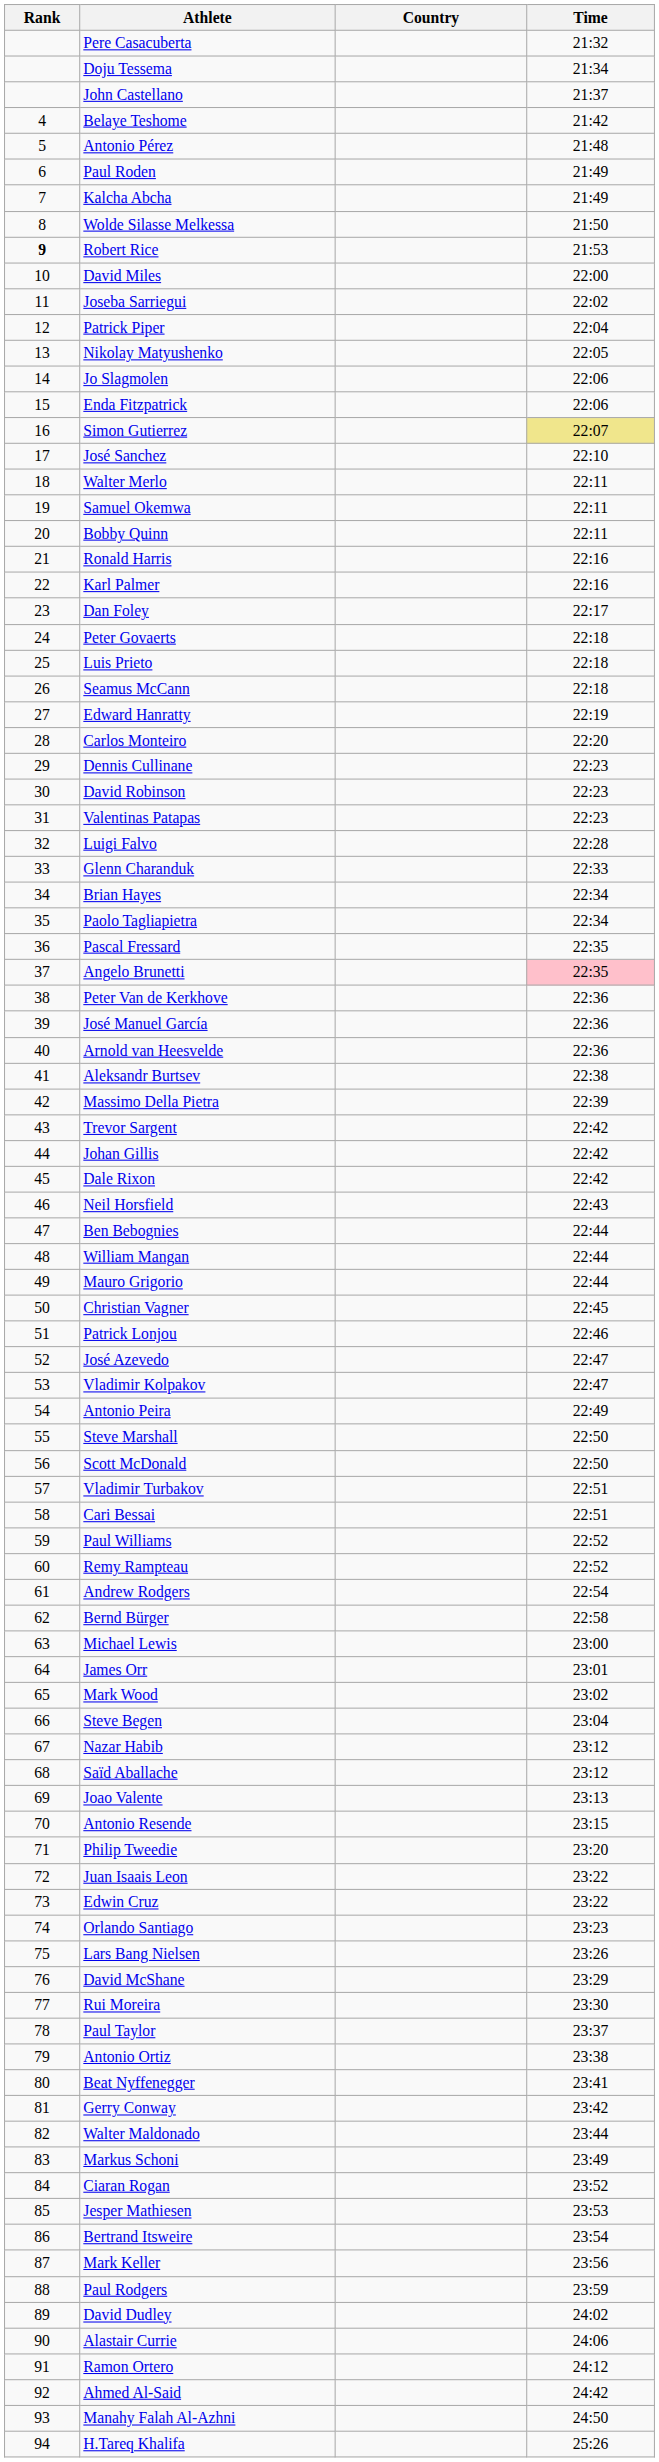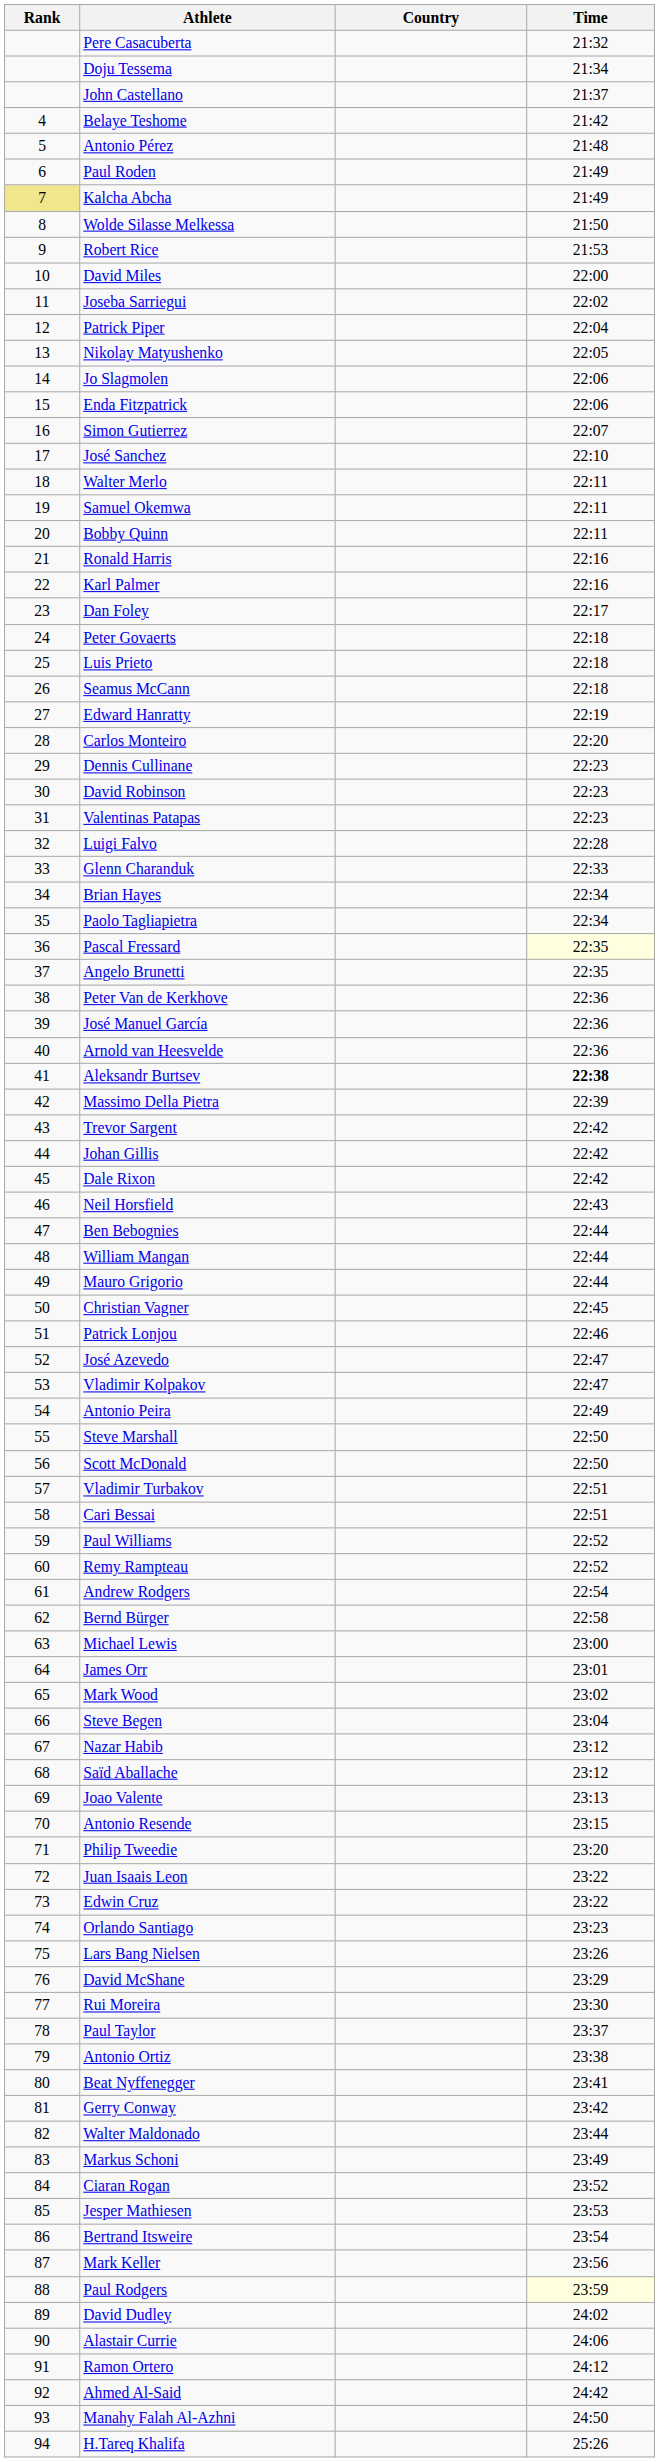 <table class="wikitable sortable" style=" text-align:center; font-size:95%;" width="50%">
 <tr>
 <th width=5%>Rank</th>
 <th width=20%>Athlete</th>
 <th width=15%>Country</th>
 <th width=10%>Time</th>
 </tr>
 <tr>
 <td align=center></td>
 <td align=left><a href='#'>Pere Casacuberta</a></td>
 <td align=left></td>
 <td>21:32</td>
 </tr>
 <tr>
 <td align=center></td>
 <td align=left><a href='#'>Doju Tessema</a></td>
 <td align=left></td>
 <td>21:34</td>
 </tr>
 <tr>
 <td align=center></td>
 <td align=left><a href='#'>John Castellano</a></td>
 <td align=left></td>
 <td>21:37</td>
 </tr>
 <tr>
 <td align=center>4</td>
 <td align=left><a href='#'>Belaye Teshome</a></td>
 <td align=left></td>
 <td>21:42</td>
 </tr>
 <tr>
 <td align=center>5</td>
 <td align=left><a href='#'>Antonio Pérez</a></td>
 <td align=left></td>
 <td>21:48</td>
 </tr>
 <tr>
 <td align=center>6</td>
 <td align=left><a href='#'>Paul Roden</a></td>
 <td align=left></td>
 <td>21:49</td>
 </tr>
 <tr>
-<td align=center>7</td>
+<td align=center style="background: khaki;">7</td>
 <td align=left><a href='#'>Kalcha Abcha</a></td>
 <td align=left></td>
 <td>21:49</td>
 </tr>
 <tr>
 <td align=center>8</td>
 <td align=left><a href='#'>Wolde Silasse Melkessa</a></td>
 <td align=left></td>
 <td>21:50</td>
 </tr>
 <tr>
-<td align=center><strong>9</strong></td>
+<td align=center>9</td>
 <td align=left><a href='#'>Robert Rice</a></td>
 <td align=left></td>
 <td>21:53</td>
 </tr>
 <tr>
 <td align=center>10</td>
 <td align=left><a href='#'>David Miles</a></td>
 <td align=left></td>
 <td>22:00</td>
 </tr>
 <tr>
 <td align=center>11</td>
 <td align=left><a href='#'>Joseba Sarriegui</a></td>
 <td align=left></td>
 <td>22:02</td>
 </tr>
 <tr>
 <td align=center>12</td>
 <td align=left><a href='#'>Patrick Piper</a></td>
 <td align=left></td>
 <td>22:04</td>
 </tr>
 <tr>
 <td align=center>13</td>
 <td align=left><a href='#'>Nikolay Matyushenko</a></td>
 <td align=left></td>
 <td>22:05</td>
 </tr>
 <tr>
 <td align=center>14</td>
 <td align=left><a href='#'>Jo Slagmolen</a></td>
 <td align=left></td>
 <td>22:06</td>
 </tr>
 <tr>
 <td align=center>15</td>
 <td align=left><a href='#'>Enda Fitzpatrick</a></td>
 <td align=left></td>
 <td>22:06</td>
 </tr>
 <tr>
 <td align=center>16</td>
 <td align=left><a href='#'>Simon Gutierrez</a></td>
 <td align=left></td>
-<td style="background: khaki;">22:07</td>
+<td>22:07</td>
 </tr>
 <tr>
 <td align=center>17</td>
 <td align=left><a href='#'>José Sanchez</a></td>
 <td align=left></td>
 <td>22:10</td>
 </tr>
 <tr>
 <td align=center>18</td>
 <td align=left><a href='#'>Walter Merlo</a></td>
 <td align=left></td>
 <td>22:11</td>
 </tr>
 <tr>
 <td align=center>19</td>
 <td align=left><a href='#'>Samuel Okemwa</a></td>
 <td align=left></td>
 <td>22:11</td>
 </tr>
 <tr>
 <td align=center>20</td>
 <td align=left><a href='#'>Bobby Quinn</a></td>
 <td align=left></td>
 <td>22:11</td>
 </tr>
 <tr>
 <td align=center>21</td>
 <td align=left><a href='#'>Ronald Harris</a></td>
 <td align=left></td>
 <td>22:16</td>
 </tr>
 <tr>
 <td align=center>22</td>
 <td align=left><a href='#'>Karl Palmer</a></td>
 <td align=left></td>
 <td>22:16</td>
 </tr>
 <tr>
 <td align=center>23</td>
 <td align=left><a href='#'>Dan Foley</a></td>
 <td align=left></td>
 <td>22:17</td>
 </tr>
 <tr>
 <td align=center>24</td>
 <td align=left><a href='#'>Peter Govaerts</a></td>
 <td align=left></td>
 <td>22:18</td>
 </tr>
 <tr>
 <td align=center>25</td>
 <td align=left><a href='#'>Luis Prieto</a></td>
 <td align=left></td>
 <td>22:18</td>
 </tr>
 <tr>
 <td align=center>26</td>
 <td align=left><a href='#'>Seamus McCann</a></td>
 <td align=left></td>
 <td>22:18</td>
 </tr>
 <tr>
 <td align=center>27</td>
 <td align=left><a href='#'>Edward Hanratty</a></td>
 <td align=left></td>
 <td>22:19</td>
 </tr>
 <tr>
 <td align=center>28</td>
 <td align=left><a href='#'>Carlos Monteiro</a></td>
 <td align=left></td>
 <td>22:20</td>
 </tr>
 <tr>
 <td align=center>29</td>
 <td align=left><a href='#'>Dennis Cullinane</a></td>
 <td align=left></td>
 <td>22:23</td>
 </tr>
 <tr>
 <td align=center>30</td>
 <td align=left><a href='#'>David Robinson</a></td>
 <td align=left></td>
 <td>22:23</td>
 </tr>
 <tr>
 <td align=center>31</td>
 <td align=left><a href='#'>Valentinas Patapas</a></td>
 <td align=left></td>
 <td>22:23</td>
 </tr>
 <tr>
 <td align=center>32</td>
 <td align=left><a href='#'>Luigi Falvo</a></td>
 <td align=left></td>
 <td>22:28</td>
 </tr>
 <tr>
 <td align=center>33</td>
 <td align=left><a href='#'>Glenn Charanduk</a></td>
 <td align=left></td>
 <td>22:33</td>
 </tr>
 <tr>
 <td align=center>34</td>
 <td align=left><a href='#'>Brian Hayes</a></td>
 <td align=left></td>
 <td>22:34</td>
 </tr>
 <tr>
 <td align=center>35</td>
 <td align=left><a href='#'>Paolo Tagliapietra</a></td>
 <td align=left></td>
 <td>22:34</td>
 </tr>
 <tr>
 <td align=center>36</td>
 <td align=left><a href='#'>Pascal Fressard</a></td>
 <td align=left></td>
-<td>22:35</td>
+<td style="background: lightyellow;">22:35</td>
 </tr>
 <tr>
 <td align=center>37</td>
 <td align=left><a href='#'>Angelo Brunetti</a></td>
 <td align=left></td>
-<td style="background: pink;">22:35</td>
+<td>22:35</td>
 </tr>
 <tr>
 <td align=center>38</td>
 <td align=left><a href='#'>Peter Van de Kerkhove</a></td>
 <td align=left></td>
 <td>22:36</td>
 </tr>
 <tr>
 <td align=center>39</td>
 <td align=left><a href='#'>José Manuel García</a></td>
 <td align=left></td>
 <td>22:36</td>
 </tr>
 <tr>
 <td align=center>40</td>
 <td align=left><a href='#'>Arnold van Heesvelde</a></td>
 <td align=left></td>
 <td>22:36</td>
 </tr>
 <tr>
 <td align=center>41</td>
 <td align=left><a href='#'>Aleksandr Burtsev</a></td>
 <td align=left></td>
-<td>22:38</td>
+<td><strong>22:38</strong></td>
 </tr>
 <tr>
 <td align=center>42</td>
 <td align=left><a href='#'>Massimo Della Pietra</a></td>
 <td align=left></td>
 <td>22:39</td>
 </tr>
 <tr>
 <td align=center>43</td>
 <td align=left><a href='#'>Trevor Sargent</a></td>
 <td align=left></td>
 <td>22:42</td>
 </tr>
 <tr>
 <td align=center>44</td>
 <td align=left><a href='#'>Johan Gillis</a></td>
 <td align=left></td>
 <td>22:42</td>
 </tr>
 <tr>
 <td align=center>45</td>
 <td align=left><a href='#'>Dale Rixon</a></td>
 <td align=left></td>
 <td>22:42</td>
 </tr>
 <tr>
 <td align=center>46</td>
 <td align=left><a href='#'>Neil Horsfield</a></td>
 <td align=left></td>
 <td>22:43</td>
 </tr>
 <tr>
 <td align=center>47</td>
 <td align=left><a href='#'>Ben Bebognies</a></td>
 <td align=left></td>
 <td>22:44</td>
 </tr>
 <tr>
 <td align=center>48</td>
 <td align=left><a href='#'>William Mangan</a></td>
 <td align=left></td>
 <td>22:44</td>
 </tr>
 <tr>
 <td align=center>49</td>
 <td align=left><a href='#'>Mauro Grigorio</a></td>
 <td align=left></td>
 <td>22:44</td>
 </tr>
 <tr>
 <td align=center>50</td>
 <td align=left><a href='#'>Christian Vagner</a></td>
 <td align=left></td>
 <td>22:45</td>
 </tr>
 <tr>
 <td align=center>51</td>
 <td align=left><a href='#'>Patrick Lonjou</a></td>
 <td align=left></td>
 <td>22:46</td>
 </tr>
 <tr>
 <td align=center>52</td>
 <td align=left><a href='#'>José Azevedo</a></td>
 <td align=left></td>
 <td>22:47</td>
 </tr>
 <tr>
 <td align=center>53</td>
 <td align=left><a href='#'>Vladimir Kolpakov</a></td>
 <td align=left></td>
 <td>22:47</td>
 </tr>
 <tr>
 <td align=center>54</td>
 <td align=left><a href='#'>Antonio Peira</a></td>
 <td align=left></td>
 <td>22:49</td>
 </tr>
 <tr>
 <td align=center>55</td>
 <td align=left><a href='#'>Steve Marshall</a></td>
 <td align=left></td>
 <td>22:50</td>
 </tr>
 <tr>
 <td align=center>56</td>
 <td align=left><a href='#'>Scott McDonald</a></td>
 <td align=left></td>
 <td>22:50</td>
 </tr>
 <tr>
 <td align=center>57</td>
 <td align=left><a href='#'>Vladimir Turbakov</a></td>
 <td align=left></td>
 <td>22:51</td>
 </tr>
 <tr>
 <td align=center>58</td>
 <td align=left><a href='#'>Cari Bessai</a></td>
 <td align=left></td>
 <td>22:51</td>
 </tr>
 <tr>
 <td align=center>59</td>
 <td align=left><a href='#'>Paul Williams</a></td>
 <td align=left></td>
 <td>22:52</td>
 </tr>
 <tr>
 <td align=center>60</td>
 <td align=left><a href='#'>Remy Rampteau</a></td>
 <td align=left></td>
 <td>22:52</td>
 </tr>
 <tr>
 <td align=center>61</td>
 <td align=left><a href='#'>Andrew Rodgers</a></td>
 <td align=left></td>
 <td>22:54</td>
 </tr>
 <tr>
 <td align=center>62</td>
 <td align=left><a href='#'>Bernd Bürger</a></td>
 <td align=left></td>
 <td>22:58</td>
 </tr>
 <tr>
 <td align=center>63</td>
 <td align=left><a href='#'>Michael Lewis</a></td>
 <td align=left></td>
 <td>23:00</td>
 </tr>
 <tr>
 <td align=center>64</td>
 <td align=left><a href='#'>James Orr</a></td>
 <td align=left></td>
 <td>23:01</td>
 </tr>
 <tr>
 <td align=center>65</td>
 <td align=left><a href='#'>Mark Wood</a></td>
 <td align=left></td>
 <td>23:02</td>
 </tr>
 <tr>
 <td align=center>66</td>
 <td align=left><a href='#'>Steve Begen</a></td>
 <td align=left></td>
 <td>23:04</td>
 </tr>
 <tr>
 <td align=center>67</td>
 <td align=left><a href='#'>Nazar Habib</a></td>
 <td align=left></td>
 <td>23:12</td>
 </tr>
 <tr>
 <td align=center>68</td>
 <td align=left><a href='#'>Saïd Aballache</a></td>
 <td align=left></td>
 <td>23:12</td>
 </tr>
 <tr>
 <td align=center>69</td>
 <td align=left><a href='#'>Joao Valente</a></td>
 <td align=left></td>
 <td>23:13</td>
 </tr>
 <tr>
 <td align=center>70</td>
 <td align=left><a href='#'>Antonio Resende</a></td>
 <td align=left></td>
 <td>23:15</td>
 </tr>
 <tr>
 <td align=center>71</td>
 <td align=left><a href='#'>Philip Tweedie</a></td>
 <td align=left></td>
 <td>23:20</td>
 </tr>
 <tr>
 <td align=center>72</td>
 <td align=left><a href='#'>Juan Isaais Leon</a></td>
 <td align=left></td>
 <td>23:22</td>
 </tr>
 <tr>
 <td align=center>73</td>
 <td align=left><a href='#'>Edwin Cruz</a></td>
 <td align=left></td>
 <td>23:22</td>
 </tr>
 <tr>
 <td align=center>74</td>
 <td align=left><a href='#'>Orlando Santiago</a></td>
 <td align=left></td>
 <td>23:23</td>
 </tr>
 <tr>
 <td align=center>75</td>
 <td align=left><a href='#'>Lars Bang Nielsen</a></td>
 <td align=left></td>
 <td>23:26</td>
 </tr>
 <tr>
 <td align=center>76</td>
 <td align=left><a href='#'>David McShane</a></td>
 <td align=left></td>
 <td>23:29</td>
 </tr>
 <tr>
 <td align=center>77</td>
 <td align=left><a href='#'>Rui Moreira</a></td>
 <td align=left></td>
 <td>23:30</td>
 </tr>
 <tr>
 <td align=center>78</td>
 <td align=left><a href='#'>Paul Taylor</a></td>
 <td align=left></td>
 <td>23:37</td>
 </tr>
 <tr>
 <td align=center>79</td>
 <td align=left><a href='#'>Antonio Ortiz</a></td>
 <td align=left></td>
 <td>23:38</td>
 </tr>
 <tr>
 <td align=center>80</td>
 <td align=left><a href='#'>Beat Nyffenegger</a></td>
 <td align=left></td>
 <td>23:41</td>
 </tr>
 <tr>
 <td align=center>81</td>
 <td align=left><a href='#'>Gerry Conway</a></td>
 <td align=left></td>
 <td>23:42</td>
 </tr>
 <tr>
 <td align=center>82</td>
 <td align=left><a href='#'>Walter Maldonado</a></td>
 <td align=left></td>
 <td>23:44</td>
 </tr>
 <tr>
 <td align=center>83</td>
 <td align=left><a href='#'>Markus Schoni</a></td>
 <td align=left></td>
 <td>23:49</td>
 </tr>
 <tr>
 <td align=center>84</td>
 <td align=left><a href='#'>Ciaran Rogan</a></td>
 <td align=left></td>
 <td>23:52</td>
 </tr>
 <tr>
 <td align=center>85</td>
 <td align=left><a href='#'>Jesper Mathiesen</a></td>
 <td align=left></td>
 <td>23:53</td>
 </tr>
 <tr>
 <td align=center>86</td>
 <td align=left><a href='#'>Bertrand Itsweire</a></td>
 <td align=left></td>
 <td>23:54</td>
 </tr>
 <tr>
 <td align=center>87</td>
 <td align=left><a href='#'>Mark Keller</a></td>
 <td align=left></td>
 <td>23:56</td>
 </tr>
 <tr>
 <td align=center>88</td>
 <td align=left><a href='#'>Paul Rodgers</a></td>
 <td align=left></td>
-<td>23:59</td>
+<td style="background: lightyellow;">23:59</td>
 </tr>
 <tr>
 <td align=center>89</td>
 <td align=left><a href='#'>David Dudley</a></td>
 <td align=left></td>
 <td>24:02</td>
 </tr>
 <tr>
 <td align=center>90</td>
 <td align=left><a href='#'>Alastair Currie</a></td>
 <td align=left></td>
 <td>24:06</td>
 </tr>
 <tr>
 <td align=center>91</td>
 <td align=left><a href='#'>Ramon Ortero</a></td>
 <td align=left></td>
 <td>24:12</td>
 </tr>
 <tr>
 <td align=center>92</td>
 <td align=left><a href='#'>Ahmed Al-Said</a></td>
 <td align=left></td>
 <td>24:42</td>
 </tr>
 <tr>
 <td align=center>93</td>
 <td align=left><a href='#'>Manahy Falah Al-Azhni</a></td>
 <td align=left></td>
 <td>24:50</td>
 </tr>
 <tr>
 <td align=center>94</td>
 <td align=left><a href='#'>H.Tareq Khalifa</a></td>
 <td align=left></td>
 <td>25:26</td>
 </tr>
 </table>
